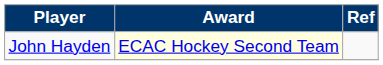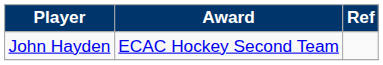 <table class="wikitable">
 <tr>
 <th style="color:white; background:#00356B">Player</th>
 <th style="color:white; background:#00356B">Award</th>
 <th style="color:white; background:#00356B">Ref</th>
 </tr>
 <tr>
 <td><a href='#'>John Hayden</a></td>
-<td style="background: lightyellow;"><a href='#'>ECAC Hockey Second Team</a></td>
+<td><a href='#'>ECAC Hockey Second Team</a></td>
 <td></td>
 </tr>
 <tr>
 </tr>
 </table>
